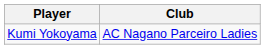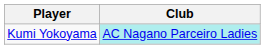 <table class="wikitable">
 <tr>
 <th>Player</th>
 <th>Club</th>
 </tr>
 <tr>
 <td> <a href='#'>Kumi Yokoyama</a></td>
-<td><a href='#'>AC Nagano Parceiro Ladies</a></td>
+<td style="background: paleturquoise;"><a href='#'>AC Nagano Parceiro Ladies</a></td>
 </tr>
 </table>
